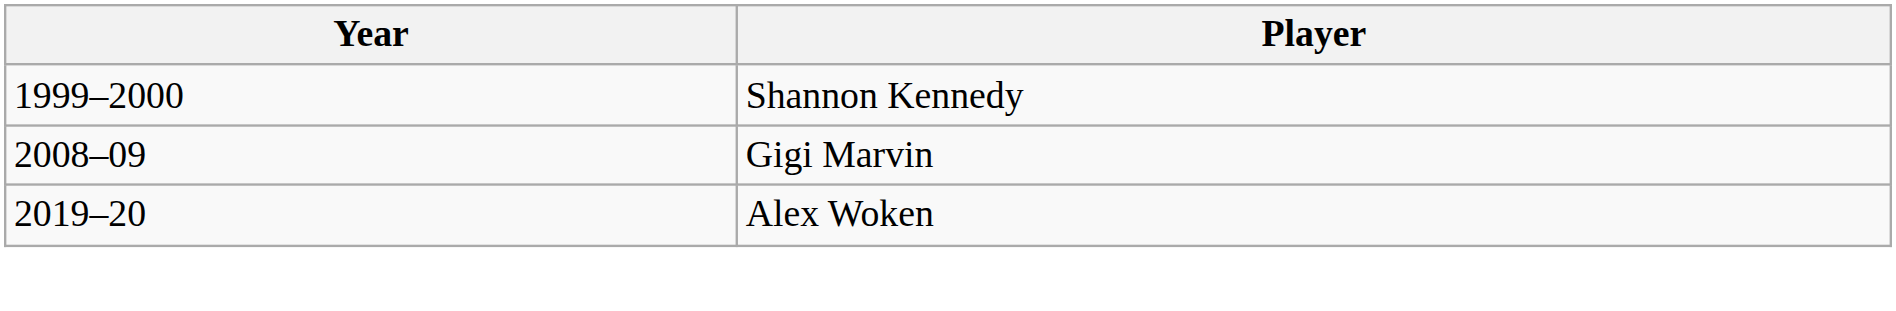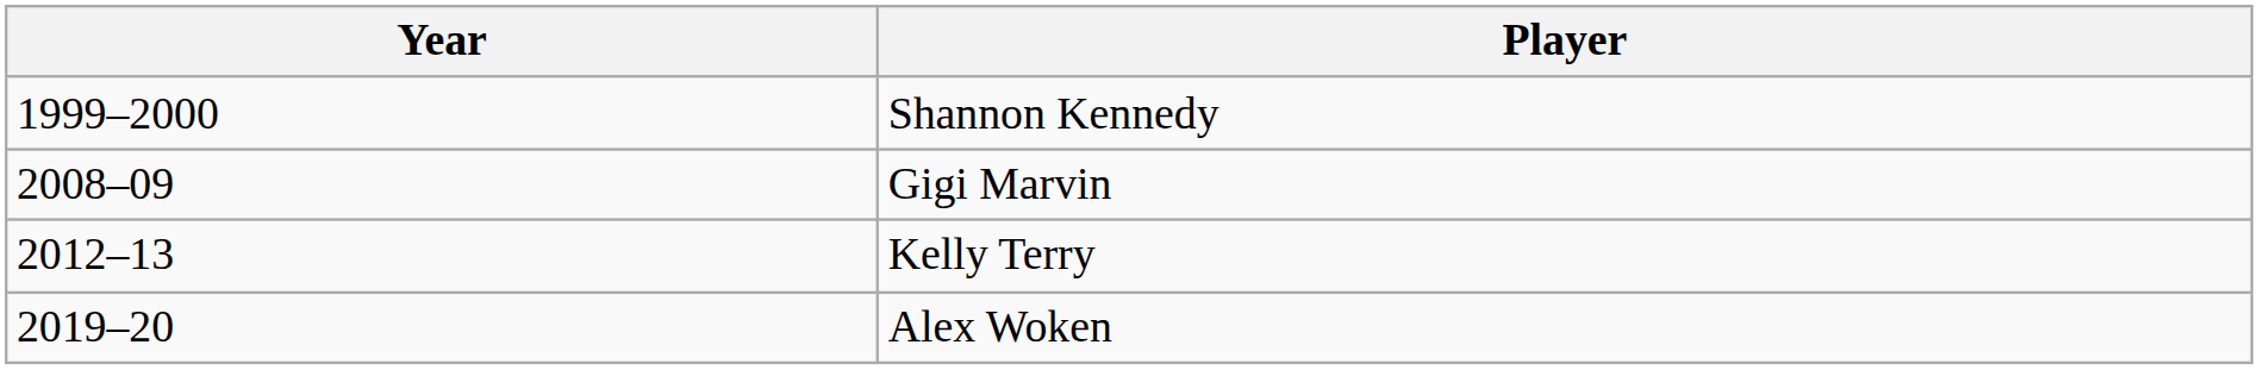 <table class="wikitable" style="width: 50em">
 <tr>
 <th>Year</th>
 <th>Player</th>
 </tr>
 <tr>
 <td>1999–2000</td>
 <td>Shannon Kennedy</td>
 </tr>
 <tr>
 <td>2008–09</td>
 <td>Gigi Marvin</td>
 </tr>
 <tr>
+<td>2012–13</td>
+<td>Kelly Terry</td>
+</tr>
+<tr>
 <td>2019–20</td>
 <td>Alex Woken</td>
 </tr>
 </table>
